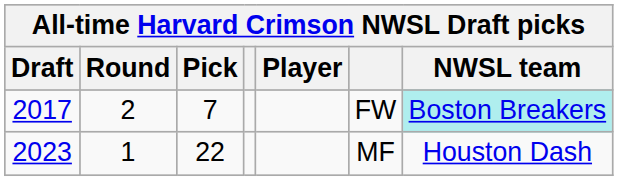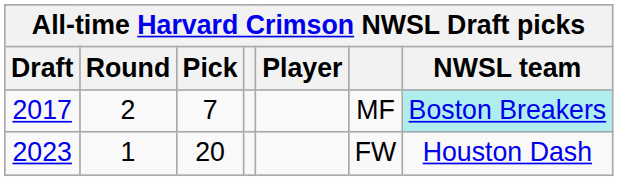 <table class="wikitable sortable" style="text-align: center;">
 <tr>
 <th colspan="7" style="background:#">All-time <a href='#'><span>Harvard Crimson</span></a> NWSL Draft picks</th>
 </tr>
 <tr>
 <th scope="col">Draft</th>
 <th scope="col">Round</th>
 <th scope="col">Pick</th>
 <th scope="col"></th>
 <th scope="col">Player</th>
 <th scope="col"></th>
 <th scope="col">NWSL team</th>
 </tr>
 <tr>
 <td><a href='#'>2017</a></td>
 <td>2</td>
 <td>7</td>
 <td></td>
 <td></td>
-<td>FW</td>
+<td>MF</td>
 <td style="background: paleturquoise;"><a href='#'>Boston Breakers</a></td>
 </tr>
 <tr>
 <td><a href='#'>2023</a></td>
 <td>1</td>
-<td>22</td>
+<td>20</td>
 <td></td>
 <td></td>
-<td>MF</td>
+<td>FW</td>
 <td><a href='#'>Houston Dash</a></td>
 </tr>
 </table>
